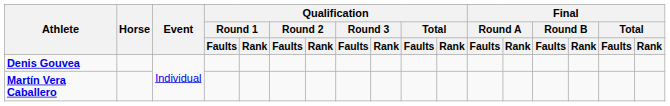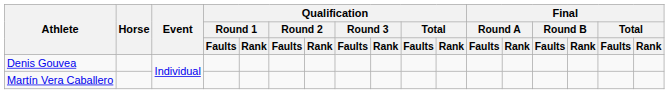 <table class=wikitable style=font-size:90%;text-align:center>
 <tr>
 <th rowspan=3>Athlete</th>
 <th rowspan=3>Horse</th>
 <th rowspan=3>Event</th>
 <th colspan=8>Qualification</th>
 <th colspan=6>Final</th>
 </tr>
 <tr style=font-size:95%>
 <th colspan=2>Round 1</th>
 <th colspan=2>Round 2</th>
 <th colspan=2>Round 3</th>
 <th colspan=2>Total</th>
 <th colspan=2>Round A</th>
 <th colspan=2>Round B</th>
 <th colspan=2>Total</th>
 </tr>
 <tr style=font-size:95%>
 <th>Faults</th>
 <th>Rank</th>
 <th>Faults</th>
 <th>Rank</th>
 <th>Faults</th>
 <th>Rank</th>
 <th>Faults</th>
 <th>Rank</th>
 <th>Faults</th>
 <th>Rank</th>
 <th>Faults</th>
 <th>Rank</th>
 <th>Faults</th>
 <th>Rank</th>
 </tr>
 <tr>
-<td align=left><strong><a href='#'>Denis Gouvea</a></strong></td>
+<td align=left><a href='#'>Denis Gouvea</a></td>
 <td align=left></td>
 <td align=left rowspan=2><a href='#'>Individual</a></td>
 <td></td>
 <td></td>
 <td></td>
 <td></td>
 <td></td>
 <td></td>
 <td></td>
 <td></td>
 <td></td>
 <td></td>
 <td></td>
 <td></td>
 <td></td>
 <td></td>
 </tr>
 <tr>
-<td align=left><strong><a href='#'>Martín Vera Caballero</a></strong></td>
+<td align=left><a href='#'>Martín Vera Caballero</a></td>
 <td align=left></td>
 <td></td>
 <td></td>
 <td></td>
 <td></td>
 <td></td>
 <td></td>
 <td></td>
 <td></td>
 <td></td>
 <td></td>
 <td></td>
 <td></td>
 <td></td>
 <td></td>
 </tr>
 </table>
